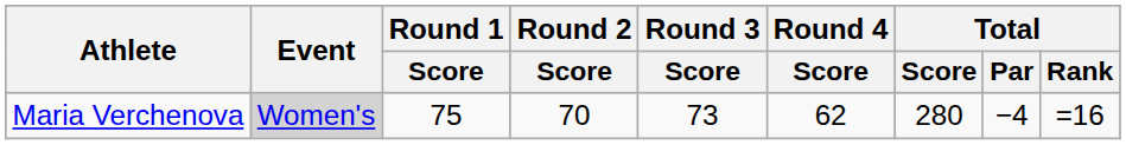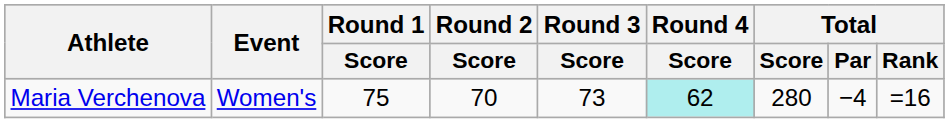 <table class=wikitable style="font-size:90%;">
 <tr>
 <th rowspan=2>Athlete</th>
 <th rowspan=2>Event</th>
 <th>Round 1</th>
 <th>Round 2</th>
 <th>Round 3</th>
 <th>Round 4</th>
 <th colspan=3>Total</th>
 </tr>
 <tr style="font-size:95%">
 <th>Score</th>
 <th>Score</th>
 <th>Score</th>
 <th>Score</th>
 <th>Score</th>
 <th>Par</th>
 <th>Rank</th>
 </tr>
 <tr align=center>
 <td align=left><a href='#'>Maria Verchenova</a></td>
-<td align=left style="background: lightgrey;"><a href='#'>Women's</a></td>
+<td align=left><a href='#'>Women's</a></td>
 <td>75</td>
 <td>70</td>
 <td>73</td>
-<td>62</td>
+<td style="background: paleturquoise;">62</td>
 <td>280</td>
 <td>−4</td>
 <td>=16</td>
 </tr>
 </table>
